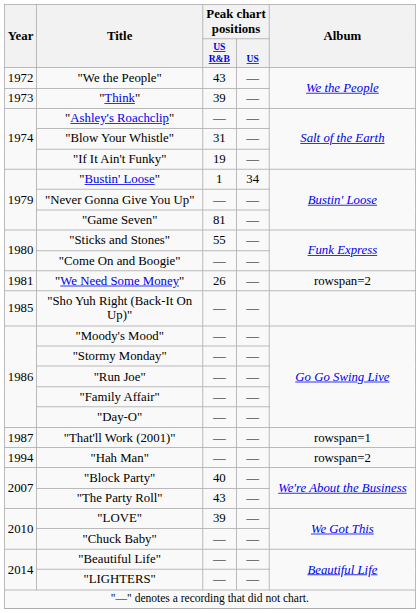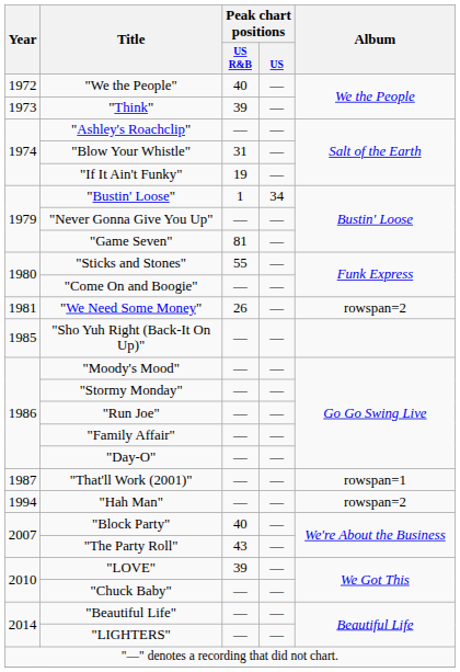 <table class="wikitable plainrowheaders" style="text-align:center;" border="1">
 <tr>
 <th rowspan="2" width="33">Year</th>
 <th width="200" rowspan="2">Title</th>
 <th colspan="2">Peak chart positions</th>
 <th rowspan="2" width="175">Album</th>
 </tr>
 <tr>
 <th style="width:3em;font-size:75%"><a href='#'>US<br> R&B</a><br></th>
 <th style="width:3em;font-size:75%"><br><a href='#'>US</a><br></th>
 </tr>
 <tr>
 <td align="center" rowspan=1>1972</td>
 <td>"We the People"</td>
-<td align="center">43</td>
+<td align="center">40</td>
 <td align="center">—</td>
 <td rowspan=2><em><a href='#'>We the People</a></em></td>
 </tr>
 <tr>
 <td align="center" rowspan=1>1973</td>
 <td>"<a href='#'>Think</a>"</td>
 <td align="center">39</td>
 <td align="center">—</td>
 </tr>
 <tr>
 <td align="center" rowspan=3>1974</td>
 <td>"<a href='#'>Ashley's Roachclip</a>"</td>
 <td align="center">—</td>
 <td align="center">—</td>
 <td rowspan=3><em><a href='#'>Salt of the Earth</a></em></td>
 </tr>
 <tr>
 <td>"Blow Your Whistle"</td>
 <td align="center">31</td>
 <td align="center">—</td>
 </tr>
 <tr>
 <td>"If It Ain't Funky"</td>
 <td align="center">19</td>
 <td align="center">—</td>
 </tr>
 <tr>
 <td align="center" rowspan=3>1979</td>
 <td>"<a href='#'>Bustin' Loose</a>"</td>
 <td align="center">1</td>
 <td align="center">34</td>
 <td rowspan=3><em><a href='#'>Bustin' Loose</a></em></td>
 </tr>
 <tr>
 <td>"Never Gonna Give You Up"</td>
 <td align="center">—</td>
 <td align="center">—</td>
 </tr>
 <tr>
 <td>"Game Seven"</td>
 <td align="center">81</td>
 <td align="center">—</td>
 </tr>
 <tr>
 <td align="center" rowspan=2>1980</td>
 <td>"Sticks and Stones"</td>
 <td align="center">55</td>
 <td align="center">—</td>
 <td rowspan=2><em><a href='#'>Funk Express</a></em></td>
 </tr>
 <tr>
 <td>"Come On and Boogie"</td>
 <td align="center">—</td>
 <td align="center">—</td>
 </tr>
 <tr>
 <td align="center" rowspan=1>1981</td>
 <td>"<a href='#'>We Need Some Money</a>"</td>
 <td align="center">26</td>
 <td align="center">—</td>
 <td>rowspan=2  </td>
 </tr>
 <tr>
 <td align="center" rowspan=1>1985</td>
 <td>"Sho Yuh Right (Back-It On Up)"</td>
 <td align="center">—</td>
 <td align="center">—</td>
 </tr>
 <tr>
 <td align="center" rowspan=5>1986</td>
 <td>"Moody's Mood"</td>
 <td align="center">—</td>
 <td align="center">—</td>
 <td rowspan=5><em><a href='#'>Go Go Swing Live</a></em></td>
 </tr>
 <tr>
 <td>"Stormy Monday"</td>
 <td align="center">—</td>
 <td align="center">—</td>
 </tr>
 <tr>
 <td>"Run Joe"</td>
 <td align="center">—</td>
 <td align="center">—</td>
 </tr>
 <tr>
 <td>"Family Affair"</td>
 <td align="center">—</td>
 <td align="center">—</td>
 </tr>
 <tr>
 <td>"Day-O"</td>
 <td align="center">—</td>
 <td align="center">—</td>
 </tr>
 <tr>
 <td align="center" rowspan=1>1987</td>
 <td>"That'll Work (2001)"</td>
 <td align="center">—</td>
 <td align="center">—</td>
 <td>rowspan=1  </td>
 </tr>
 <tr>
 <td align="center" rowspan=1>1994</td>
 <td>"Hah Man"</td>
 <td align="center">—</td>
 <td align="center">—</td>
 <td>rowspan=2  </td>
 </tr>
 <tr>
 <td align="center" rowspan=2>2007</td>
 <td>"Block Party"<br></td>
 <td align="center">40</td>
 <td align="center">—</td>
 <td rowspan=2><em><a href='#'>We're About the Business</a></em></td>
 </tr>
 <tr>
 <td>"The Party Roll"</td>
 <td align="center">43</td>
 <td align="center">—</td>
 </tr>
 <tr>
 <td align="center" rowspan=2>2010</td>
 <td>"LOVE"<br></td>
 <td align="center">39</td>
 <td align="center">—</td>
 <td rowspan=2><em><a href='#'>We Got This</a></em></td>
 </tr>
 <tr>
 <td>"Chuck Baby"<br></td>
 <td align="center">—</td>
 <td align="center">—</td>
 </tr>
 <tr>
 <td align="center" rowspan=2>2014</td>
 <td>"Beautiful Life"<br></td>
 <td align="center">—</td>
 <td align="center">—</td>
 <td rowspan=2><em><a href='#'>Beautiful Life</a></em></td>
 </tr>
 <tr>
 <td>"LIGHTERS"<br></td>
 <td align="center">—</td>
 <td align="center">—</td>
 </tr>
 <tr>
 <td colspan="14" style="font-size:90%">"—" denotes a recording that did not chart.</td>
 </tr>
 <tr>
 </tr>
 </table>
